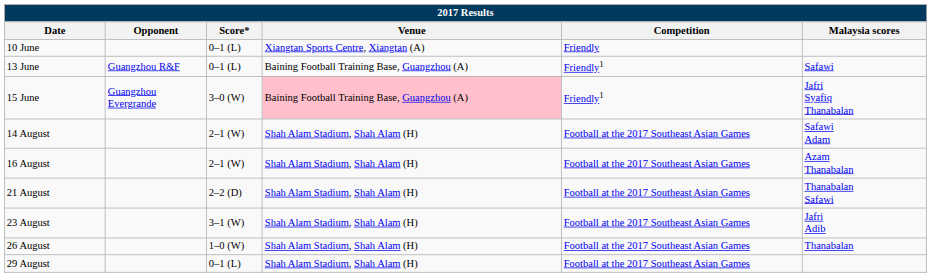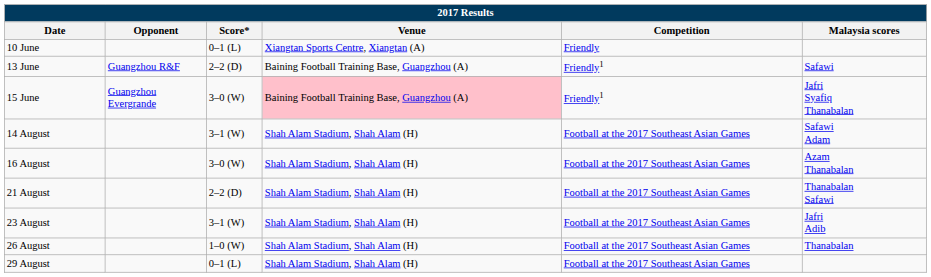 <table class="wikitable" width=100% style="text-align:left;font-size:90%;">
 <tr>
 <th colspan=9 style="background: #013A5E; color: #FFFFFF;">2017 Results</th>
 </tr>
 <tr>
 <th width=80>Date</th>
 <th width=80>Opponent</th>
 <th width=20>Score*</th>
 <th width=250>Venue</th>
 <th width=200>Competition</th>
 <th width=100>Malaysia scores</th>
 </tr>
 <tr>
 <td>10 June</td>
 <td></td>
 <td>0–1 (L)</td>
 <td><a href='#'>Xiangtan Sports Centre</a>, <a href='#'>Xiangtan</a> (A)</td>
 <td><a href='#'>Friendly</a></td>
 <td></td>
 </tr>
 <tr>
 <td>13 June</td>
 <td> <a href='#'>Guangzhou R&F</a> </td>
-<td>0–1 (L)</td>
+<td>2–2 (D)</td>
 <td>Baining Football Training Base, <a href='#'>Guangzhou</a> (A)</td>
 <td><a href='#'>Friendly</a><sup>1</sup></td>
 <td><a href='#'>Safawi</a> </td>
 </tr>
 <tr>
 <td>15 June</td>
 <td> <a href='#'>Guangzhou Evergrande</a> </td>
 <td>3–0 (W)</td>
 <td style="background: pink;">Baining Football Training Base, <a href='#'>Guangzhou</a> (A)</td>
 <td><a href='#'>Friendly</a><sup>1</sup></td>
 <td><a href='#'>Jafri</a> <br><a href='#'>Syafiq</a> <br><a href='#'>Thanabalan</a> </td>
 </tr>
 <tr>
 <td>14 August</td>
 <td></td>
-<td>2–1 (W)</td>
+<td>3–1 (W)</td>
 <td><a href='#'>Shah Alam Stadium</a>, <a href='#'>Shah Alam</a> (H)</td>
 <td><a href='#'>Football at the 2017 Southeast Asian Games</a></td>
 <td><a href='#'>Safawi</a> <br><a href='#'>Adam</a> </td>
 </tr>
 <tr>
 <td>16 August</td>
 <td></td>
-<td>2–1 (W)</td>
+<td>3–0 (W)</td>
 <td><a href='#'>Shah Alam Stadium</a>, <a href='#'>Shah Alam</a> (H)</td>
 <td><a href='#'>Football at the 2017 Southeast Asian Games</a></td>
 <td><a href='#'>Azam</a> <br><a href='#'>Thanabalan</a> </td>
 </tr>
 <tr>
 <td>21 August</td>
 <td></td>
 <td>2–2 (D)</td>
 <td><a href='#'>Shah Alam Stadium</a>, <a href='#'>Shah Alam</a> (H)</td>
 <td><a href='#'>Football at the 2017 Southeast Asian Games</a></td>
 <td><a href='#'>Thanabalan</a> <br><a href='#'>Safawi</a> </td>
 </tr>
 <tr>
 <td>23 August</td>
 <td></td>
 <td>3–1 (W)</td>
 <td><a href='#'>Shah Alam Stadium</a>, <a href='#'>Shah Alam</a> (H)</td>
 <td><a href='#'>Football at the 2017 Southeast Asian Games</a></td>
 <td><a href='#'>Jafri</a> <br><a href='#'>Adib</a> </td>
 </tr>
 <tr>
 <td>26 August</td>
 <td></td>
 <td>1–0 (W)</td>
 <td><a href='#'>Shah Alam Stadium</a>, <a href='#'>Shah Alam</a> (H)</td>
 <td><a href='#'>Football at the 2017 Southeast Asian Games</a></td>
 <td><a href='#'>Thanabalan</a> </td>
 </tr>
 <tr>
 <td>29 August</td>
 <td></td>
 <td>0–1 (L)</td>
 <td><a href='#'>Shah Alam Stadium</a>, <a href='#'>Shah Alam</a> (H)</td>
 <td><a href='#'>Football at the 2017 Southeast Asian Games</a></td>
 <td></td>
 </tr>
 </table>
